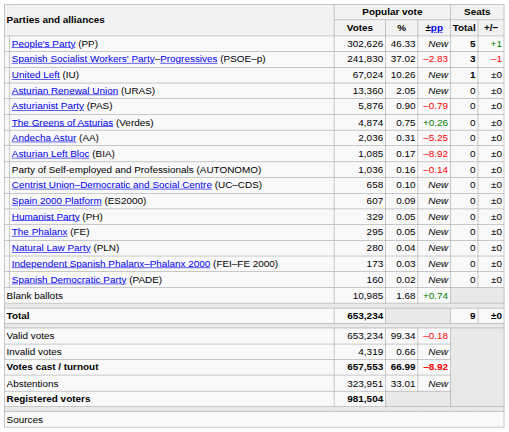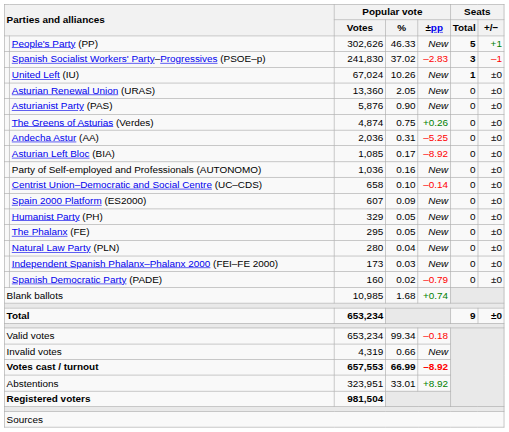 <table class="wikitable" style="text-align:right;">
 <tr>
 <th style="text-align:left;" rowspan="2" colspan="2" width="525">Parties and alliances</th>
 <th colspan="3">Popular vote</th>
 <th colspan="2">Seats</th>
 </tr>
 <tr>
 <th width="75">Votes</th>
 <th width="45">%</th>
 <th width="45">±<a href='#'>pp</a></th>
 <th width="35">Total</th>
 <th width="35">+/−</th>
 </tr>
 <tr>
 <td width="1" style="color:inherit;background:"></td>
 <td align="left"><a href='#'>People's Party</a> (PP)</td>
 <td>302,626</td>
 <td>46.33</td>
 <td><em>New</em></td>
 <td><strong>5</strong></td>
 <td style="color:green;">+1</td>
 </tr>
 <tr>
 <td style="color:inherit;background:"></td>
 <td align="left"><a href='#'>Spanish Socialist Workers' Party</a>–<a href='#'>Progressives</a> (PSOE–p)</td>
 <td>241,830</td>
 <td>37.02</td>
 <td style="color:red;">–2.83</td>
 <td><strong>3</strong></td>
 <td style="color:red;">–1</td>
 </tr>
 <tr>
 <td style="color:inherit;background:"></td>
 <td align="left"><a href='#'>United Left</a> (IU)</td>
 <td>67,024</td>
 <td>10.26</td>
 <td><em>New</em></td>
 <td><strong>1</strong></td>
 <td>±0</td>
 </tr>
 <tr>
 <td style="color:inherit;background:"></td>
 <td align="left"><a href='#'>Asturian Renewal Union</a> (URAS)</td>
 <td>13,360</td>
 <td>2.05</td>
 <td><em>New</em></td>
 <td>0</td>
 <td>±0</td>
 </tr>
 <tr>
 <td style="color:inherit;background:"></td>
 <td align="left"><a href='#'>Asturianist Party</a> (PAS)</td>
 <td>5,876</td>
 <td>0.90</td>
-<td style="color:red;">–0.79</td>
+<td><em>New</em></td>
 <td>0</td>
 <td>±0</td>
 </tr>
 <tr>
 <td style="color:inherit;background:"></td>
 <td align="left"><a href='#'>The Greens of Asturias</a> (Verdes)</td>
 <td>4,874</td>
 <td>0.75</td>
 <td style="color:green;">+0.26</td>
 <td>0</td>
 <td>±0</td>
 </tr>
 <tr>
 <td style="color:inherit;background:"></td>
 <td align="left"><a href='#'>Andecha Astur</a> (AA)</td>
 <td>2,036</td>
 <td>0.31</td>
 <td style="color:red;">–5.25</td>
 <td>0</td>
 <td>±0</td>
 </tr>
 <tr>
 <td style="color:inherit;background:"></td>
 <td align="left"><a href='#'>Asturian Left Bloc</a> (BIA)</td>
 <td>1,085</td>
 <td>0.17</td>
 <td style="color:red;">–8.92</td>
 <td>0</td>
 <td>±0</td>
 </tr>
 <tr>
 <td style="color:inherit;background:"></td>
 <td align="left">Party of Self-employed and Professionals (AUTONOMO)</td>
 <td>1,036</td>
 <td>0.16</td>
-<td style="color:red;">–0.14</td>
+<td><em>New</em></td>
 <td>0</td>
 <td>±0</td>
 </tr>
 <tr>
 <td style="color:inherit;background:"></td>
 <td align="left"><a href='#'>Centrist Union–Democratic and Social Centre</a> (UC–CDS)</td>
 <td>658</td>
 <td>0.10</td>
-<td><em>New</em></td>
+<td style="color:red;">–0.14</td>
 <td>0</td>
 <td>±0</td>
 </tr>
 <tr>
 <td style="color:inherit;background:"></td>
 <td align="left"><a href='#'>Spain 2000 Platform</a> (ES2000)</td>
 <td>607</td>
 <td>0.09</td>
 <td><em>New</em></td>
 <td>0</td>
 <td>±0</td>
 </tr>
 <tr>
 <td style="color:inherit;background:"></td>
 <td align="left"><a href='#'>Humanist Party</a> (PH)</td>
 <td>329</td>
 <td>0.05</td>
 <td><em>New</em></td>
 <td>0</td>
 <td>±0</td>
 </tr>
 <tr>
 <td style="color:inherit;background:"></td>
 <td align="left"><a href='#'>The Phalanx</a> (FE)</td>
 <td>295</td>
 <td>0.05</td>
 <td><em>New</em></td>
 <td>0</td>
 <td>±0</td>
 </tr>
 <tr>
 <td style="color:inherit;background:"></td>
 <td align="left"><a href='#'>Natural Law Party</a> (PLN)</td>
 <td>280</td>
 <td>0.04</td>
 <td><em>New</em></td>
 <td>0</td>
 <td>±0</td>
 </tr>
 <tr>
 <td style="color:inherit;background:"></td>
 <td align="left"><a href='#'>Independent Spanish Phalanx–Phalanx 2000</a> (FEI–FE 2000)</td>
 <td>173</td>
 <td>0.03</td>
 <td><em>New</em></td>
 <td>0</td>
 <td>±0</td>
 </tr>
 <tr>
 <td style="color:inherit;background:"></td>
 <td align="left"><a href='#'>Spanish Democratic Party</a> (PADE)</td>
 <td>160</td>
 <td>0.02</td>
-<td><em>New</em></td>
+<td style="color:red;">–0.79</td>
 <td>0</td>
 <td>±0</td>
 </tr>
 <tr>
 <td align="left" colspan="2">Blank ballots</td>
 <td>10,985</td>
 <td>1.68</td>
 <td style="color:green;">+0.74</td>
 <td bgcolor="#E9E9E9" colspan="2"></td>
 </tr>
 <tr>
 <td colspan="7" bgcolor="#E9E9E9"></td>
 </tr>
 <tr style="font-weight:bold;">
 <td align="left" colspan="2">Total</td>
 <td>653,234</td>
 <td bgcolor="#E9E9E9" colspan="2"></td>
 <td>9</td>
 <td>±0</td>
 </tr>
 <tr>
 <td colspan="7" bgcolor="#E9E9E9"></td>
 </tr>
 <tr>
 <td align="left" colspan="2">Valid votes</td>
 <td>653,234</td>
 <td>99.34</td>
 <td style="color:red;">–0.18</td>
 <td bgcolor="#E9E9E9" colspan="2" rowspan="5"></td>
 </tr>
 <tr>
 <td align="left" colspan="2">Invalid votes</td>
 <td>4,319</td>
 <td>0.66</td>
 <td><em>New</em></td>
 </tr>
 <tr style="font-weight:bold;">
 <td align="left" colspan="2">Votes cast / turnout</td>
 <td>657,553</td>
 <td>66.99</td>
 <td style="color:red;">–8.92</td>
 </tr>
 <tr>
 <td align="left" colspan="2">Abstentions</td>
 <td>323,951</td>
 <td>33.01</td>
-<td><em>New</em></td>
+<td style="color:green;">+8.92</td>
 </tr>
 <tr style="font-weight:bold;">
 <td align="left" colspan="2">Registered voters</td>
 <td>981,504</td>
 <td bgcolor="#E9E9E9" colspan="2"></td>
 </tr>
 <tr>
 <td colspan="7" bgcolor="#E9E9E9"></td>
 </tr>
 <tr>
 <td align="left" colspan="7">Sources</td>
 </tr>
 </table>
